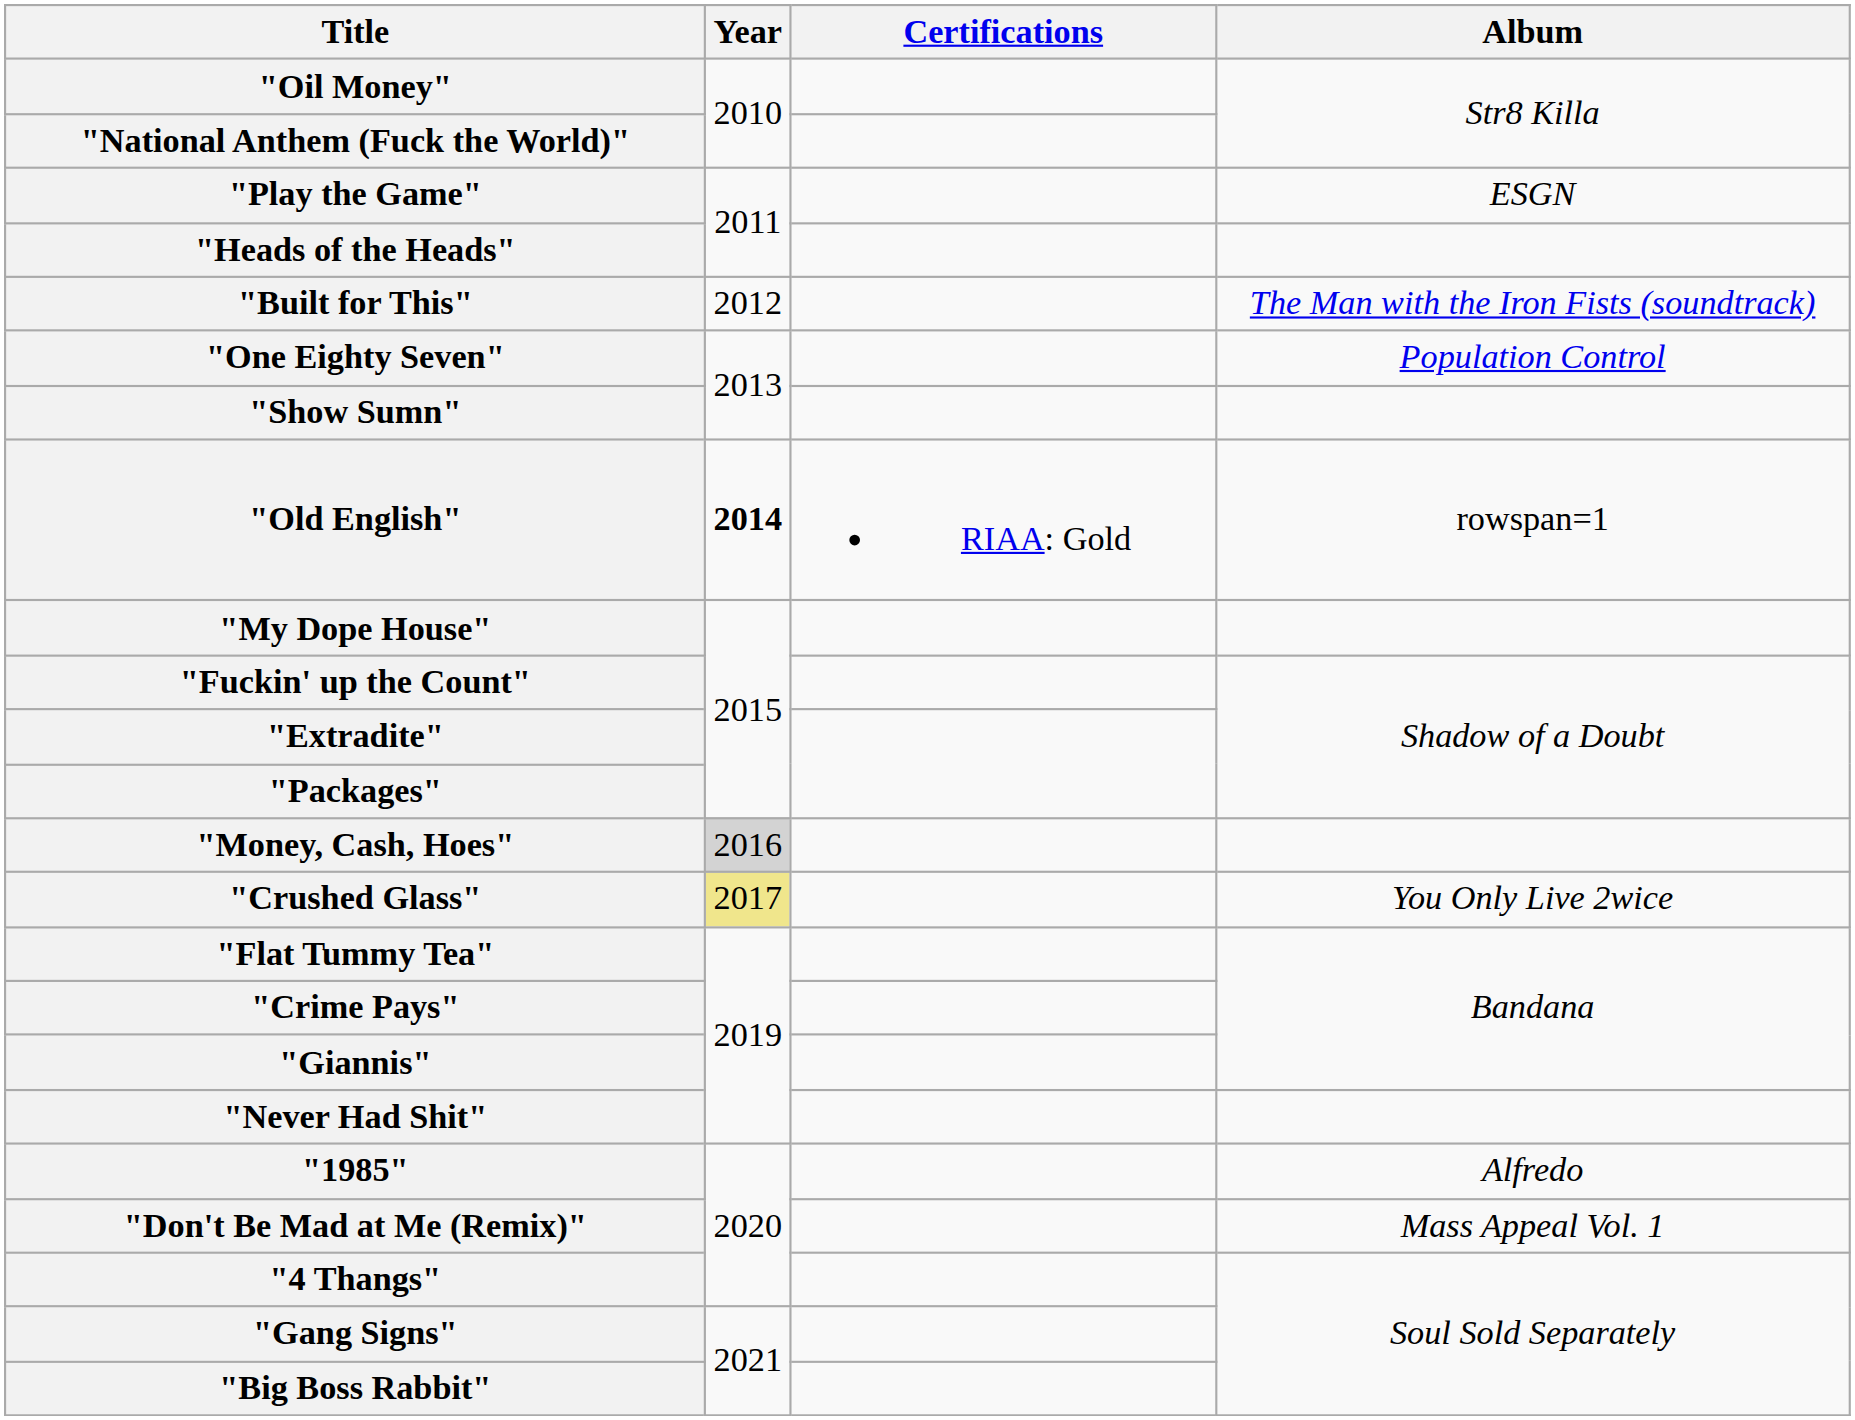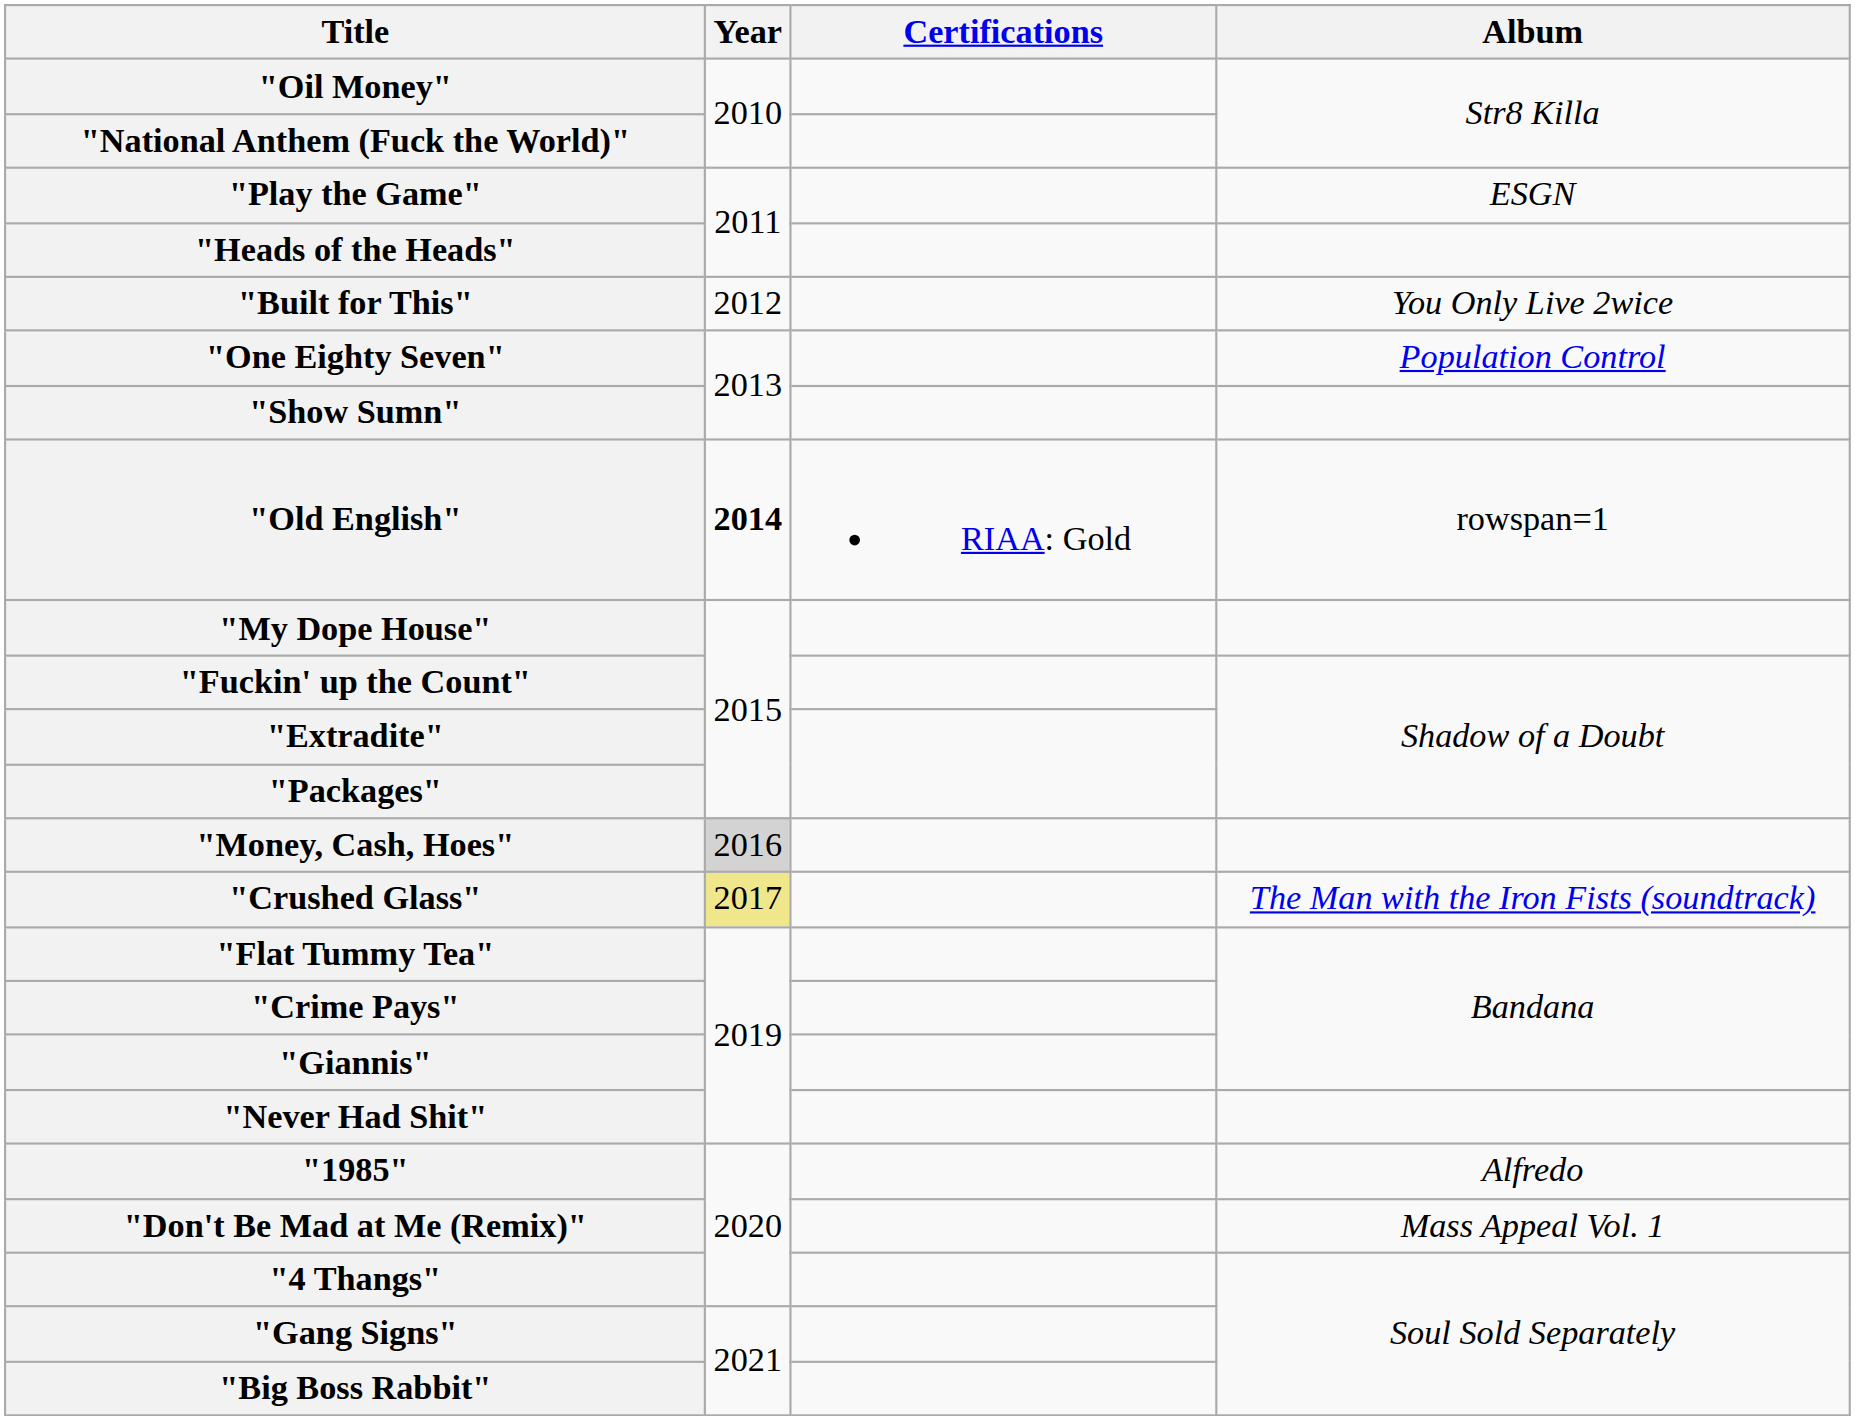 <table class="wikitable plainrowheaders" style="text-align:center;">
 <tr>
 <th scope="col" style="width:20em;">Title</th>
 <th scope="col" style="width:1em;">Year</th>
 <th scope="col" style="width:12em;"><a href='#'>Certifications</a></th>
 <th scope="col" style="width:18em;">Album</th>
 </tr>
 <tr>
 <th scope="row">"Oil Money"<br></th>
 <td rowspan="2">2010</td>
 <td></td>
 <td rowspan="2"><em>Str8 Killa</em></td>
 </tr>
 <tr>
 <th scope="row">"National Anthem (Fuck the World)"</th>
 <td></td>
 </tr>
 <tr>
 <th scope="row">"Play the Game"<br></th>
 <td rowspan="2">2011</td>
 <td></td>
 <td><em>ESGN</em></td>
 </tr>
 <tr>
 <th scope="row">"Heads of the Heads"<br></th>
 <td></td>
 <td></td>
 </tr>
 <tr>
 <th scope="row">"Built for This"<br></th>
 <td>2012</td>
 <td></td>
-<td><em><a href='#'>The Man with the Iron Fists (soundtrack)</a></em></td>
+<td><em>You Only Live 2wice</em></td>
 </tr>
 <tr>
 <th scope="row">"One Eighty Seven" <br></th>
 <td rowspan="2">2013</td>
 <td></td>
 <td><em><a href='#'>Population Control</a></em></td>
 </tr>
 <tr>
 <th scope="row">"Show Sumn" <br></th>
 <td></td>
 <td></td>
 </tr>
 <tr>
 <th scope="row">"Old English"<br></th>
 <td><strong>2014</strong></td>
 <td><br><ul><li><a href='#'>RIAA</a>: Gold</li></ul></td>
 <td>rowspan=1 </td>
 </tr>
 <tr>
 <th scope="row">"My Dope House"</th>
 <td rowspan="4">2015</td>
 <td></td>
 <td></td>
 </tr>
 <tr>
 <th scope="row">"Fuckin' up the Count"</th>
 <td></td>
 <td rowspan="3"><em>Shadow of a Doubt</em></td>
 </tr>
 <tr>
 <th scope="row">"Extradite" <br></th>
 </tr>
 <tr>
 <th scope="row">"Packages" <br></th>
 </tr>
 <tr>
 <th scope="row">"Money, Cash, Hoes"</th>
 <td style="background: lightgrey;">2016</td>
 <td></td>
 <td></td>
 </tr>
 <tr>
 <th scope="row">"Crushed Glass"</th>
 <td style="background: khaki;">2017</td>
 <td></td>
-<td><em>You Only Live 2wice</em></td>
+<td><em><a href='#'>The Man with the Iron Fists (soundtrack)</a></em></td>
 </tr>
 <tr>
 <th scope="row">"Flat Tummy Tea"<br></th>
 <td rowspan="4">2019</td>
 <td></td>
 <td rowspan="3"><em>Bandana</em></td>
 </tr>
 <tr>
 <th scope="row">"Crime Pays"<br></th>
 </tr>
 <tr>
 <th scope="row">"Giannis" <br></th>
 <td></td>
 </tr>
 <tr>
 <th scope="row">"Never Had Shit"<br></th>
 <td></td>
 <td></td>
 </tr>
 <tr>
 <th scope="row">"1985"<br></th>
 <td rowspan="3">2020</td>
 <td></td>
 <td><em>Alfredo</em></td>
 </tr>
 <tr>
 <th scope="row">"Don't Be Mad at Me (Remix)"<br></th>
 <td></td>
 <td><em>Mass Appeal Vol. 1</em></td>
 </tr>
 <tr>
 <th scope="row">"4 Thangs"<br></th>
 <td></td>
 <td rowspan=3><em>Soul Sold Separately</em></td>
 </tr>
 <tr>
 <th scope="row">"Gang Signs"<br></th>
 <td rowspan="2">2021</td>
 <td></td>
 </tr>
 <tr>
 <th scope="row">"Big Boss Rabbit"</th>
 <td></td>
 </tr>
 </table>
